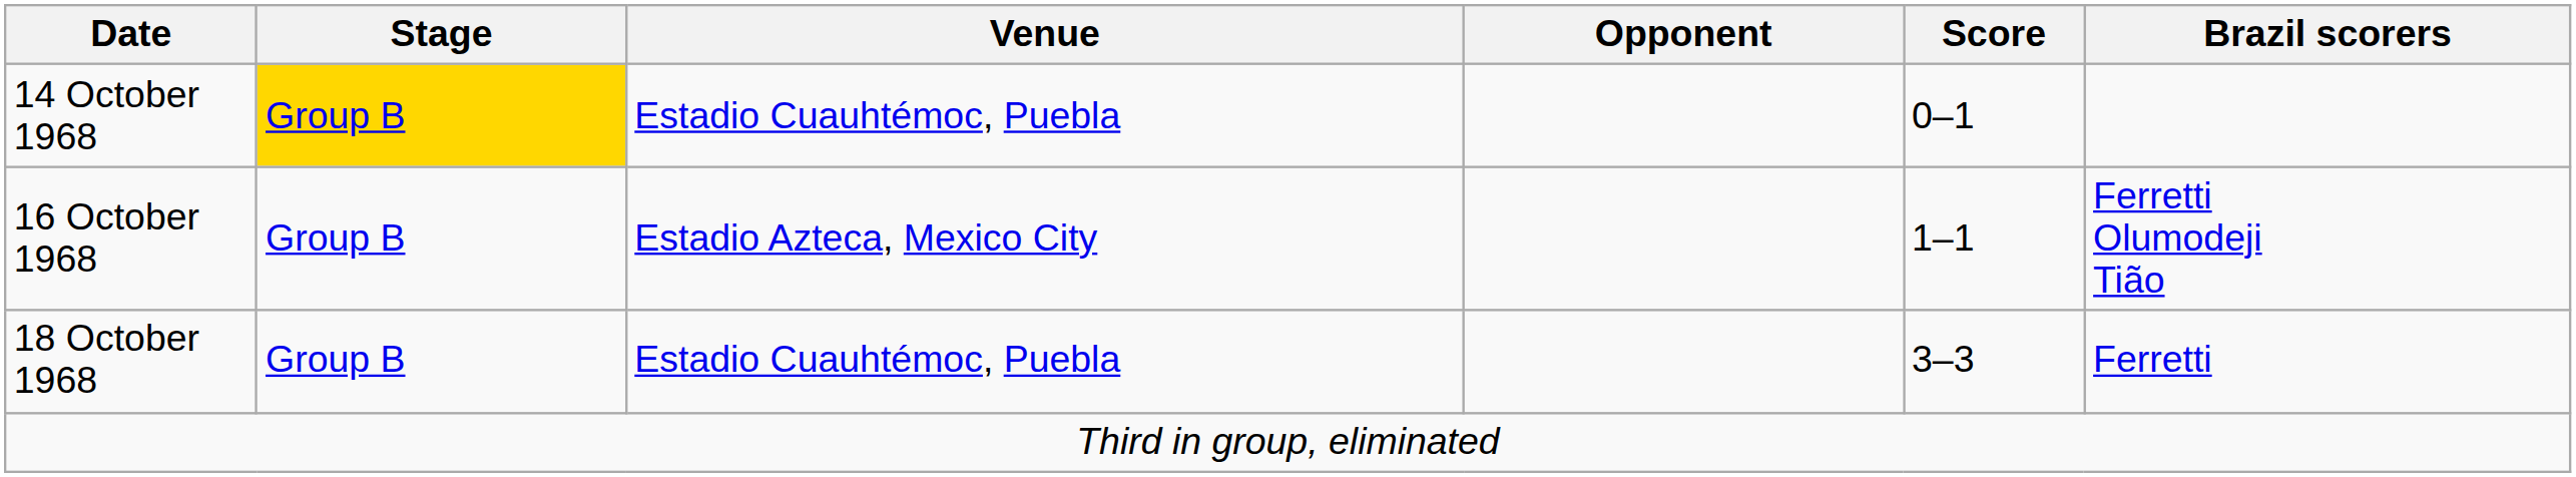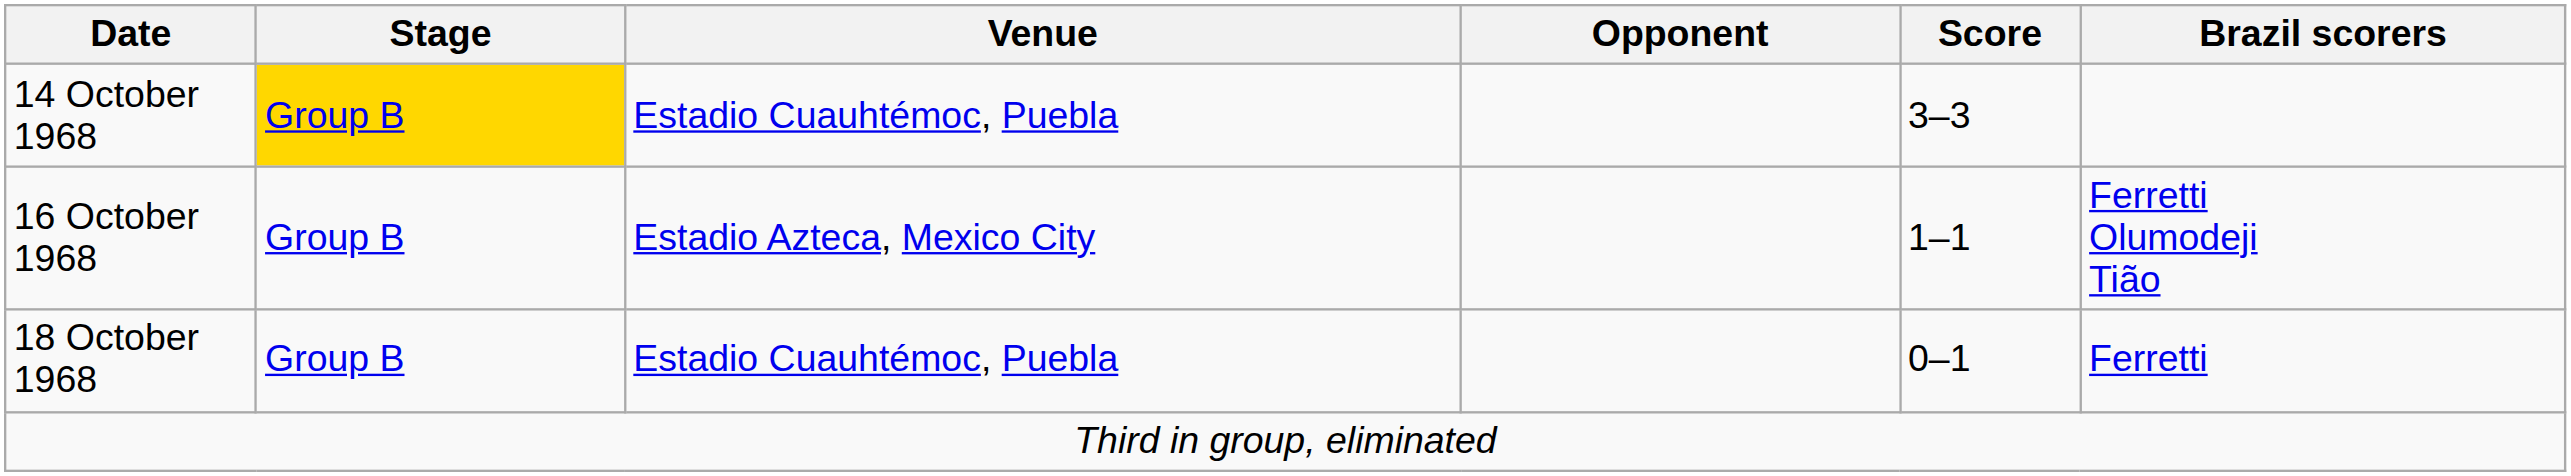 <table class="wikitable">
 <tr>
 <th width=100px>Date</th>
 <th width=150px>Stage</th>
 <th width=350px>Venue</th>
 <th width=180px>Opponent</th>
 <th width=70px>Score</th>
 <th width=200px>Brazil scorers</th>
 </tr>
 <tr>
 <td>14 October 1968</td>
 <td style="background: gold;"><a href='#'>Group B</a></td>
 <td><a href='#'>Estadio Cuauhtémoc</a>, <a href='#'>Puebla</a></td>
 <td></td>
-<td>0–1</td>
+<td>3–3</td>
 <td></td>
 </tr>
 <tr>
 <td>16 October 1968</td>
 <td><a href='#'>Group B</a></td>
 <td><a href='#'>Estadio Azteca</a>, <a href='#'>Mexico City</a></td>
 <td></td>
 <td>1–1</td>
 <td><a href='#'>Ferretti</a>  <br> <a href='#'>Olumodeji</a>  <br> <a href='#'>Tião</a> </td>
 </tr>
 <tr>
 <td>18 October 1968</td>
 <td><a href='#'>Group B</a></td>
 <td><a href='#'>Estadio Cuauhtémoc</a>, <a href='#'>Puebla</a></td>
 <td></td>
-<td>3–3</td>
+<td>0–1</td>
 <td><a href='#'>Ferretti</a> </td>
 </tr>
 <tr>
 <td colspan="6" style="text-align:center;"><em>Third in group, eliminated</em></td>
 </tr>
 </table>
